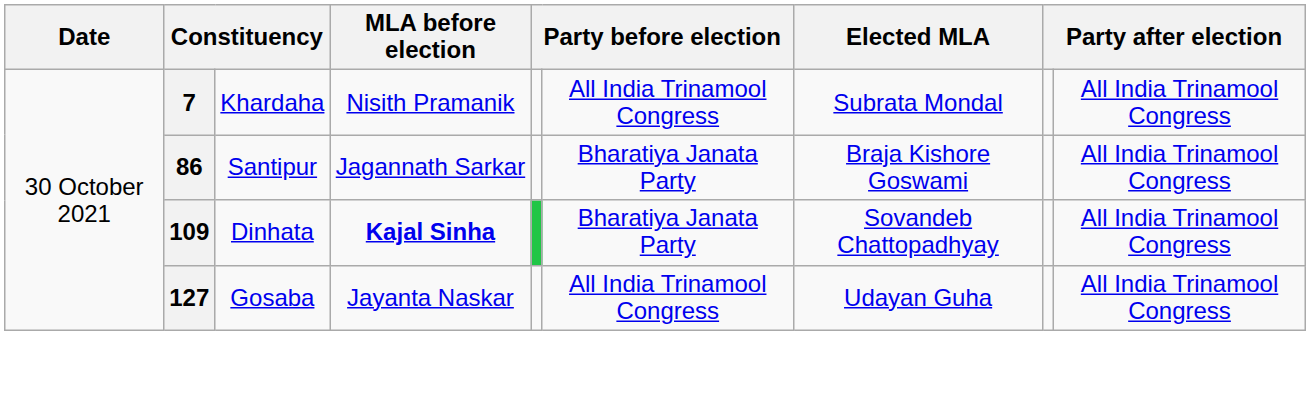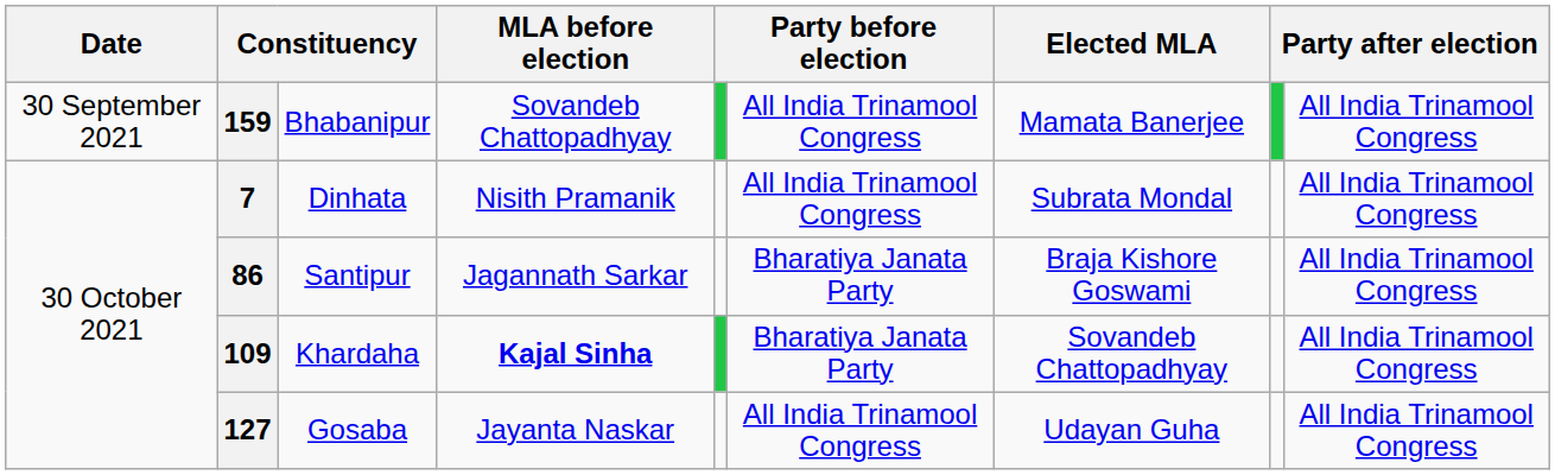 <table class="wikitable sortable" style="text-align:center;">
 <tr>
 <th>Date</th>
 <th colspan="2">Constituency</th>
 <th>MLA before election</th>
 <th colspan="2">Party before election</th>
 <th>Elected MLA</th>
 <th colspan="2">Party after election</th>
 </tr>
 <tr>
+<td>30 September 2021</td>
+<th>159</th>
+<td><a href='#'>Bhabanipur</a></td>
+<td><a href='#'>Sovandeb Chattopadhyay</a></td>
+<td bgcolor=#20C646></td>
+<td><a href='#'>All India Trinamool Congress</a></td>
+<td><a href='#'>Mamata Banerjee</a></td>
+<td bgcolor=#20C646></td>
+<td><a href='#'>All India Trinamool Congress</a></td>
+</tr>
+<tr>
 <td rowspan="4">30 October 2021</td>
 <th>7</th>
-<td><a href='#'>Khardaha</a></td>
+<td><a href='#'>Dinhata</a></td>
 <td><a href='#'>Nisith Pramanik</a></td>
 <td></td>
 <td><a href='#'>All India Trinamool Congress</a></td>
 <td><a href='#'>Subrata Mondal</a></td>
 <td></td>
 <td><a href='#'>All India Trinamool Congress</a></td>
 </tr>
 <tr>
 <th>86</th>
 <td><a href='#'>Santipur</a></td>
 <td><a href='#'>Jagannath Sarkar</a></td>
 <td></td>
 <td><a href='#'>Bharatiya Janata Party</a></td>
 <td><a href='#'>Braja Kishore Goswami</a></td>
 <td></td>
 <td><a href='#'>All India Trinamool Congress</a></td>
 </tr>
 <tr>
 <th>109</th>
-<td><a href='#'>Dinhata</a></td>
+<td><a href='#'>Khardaha</a></td>
 <td><strong><a href='#'>Kajal Sinha</a></strong></td>
 <td bgcolor="#20C646"></td>
 <td><a href='#'>Bharatiya Janata Party</a></td>
 <td><a href='#'>Sovandeb Chattopadhyay</a></td>
 <td></td>
 <td><a href='#'>All India Trinamool Congress</a></td>
 </tr>
 <tr>
 <th>127</th>
 <td><a href='#'>Gosaba</a></td>
 <td><a href='#'>Jayanta Naskar</a></td>
 <td></td>
 <td><a href='#'>All India Trinamool Congress</a></td>
 <td><a href='#'>Udayan Guha</a></td>
 <td></td>
 <td><a href='#'>All India Trinamool Congress</a></td>
 </tr>
 </table>
